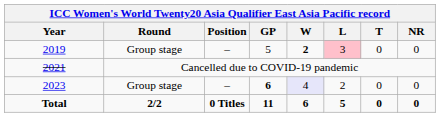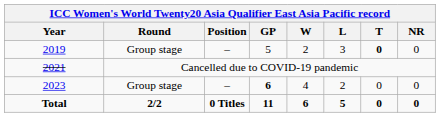 <table class="wikitable" style="text-align: center;">
 <tr>
 <th colspan=8><a href='#'>ICC Women's World Twenty20 Asia Qualifier East Asia Pacific record</a></th>
 </tr>
 <tr>
 <th width=150>Year</th>
 <th width=150>Round</th>
 <th width=50>Position</th>
 <th width=50>GP</th>
 <th width=50>W</th>
 <th width=50>L</th>
 <th width=50>T</th>
 <th width=50>NR</th>
 </tr>
 <tr>
 <td> <a href='#'>2019</a></td>
 <td>Group stage</td>
 <td>–</td>
 <td>5</td>
-<td><strong>2</strong></td>
-<td style="background: pink;">3</td>
-<td>0</td>
+<td>2</td>
+<td>3</td>
+<td><strong>0</strong></td>
 <td>0</td>
 </tr>
 <tr>
 <td> <s><a href='#'>2021</a></s></td>
 <td colspan=7  rowspan=1>Cancelled due to COVID-19 pandemic</td>
 </tr>
 <tr>
 <td> <a href='#'>2023</a></td>
 <td>Group stage</td>
 <td>–</td>
 <td><strong>6</strong></td>
-<td style="background: lavender;">4</td>
+<td>4</td>
 <td>2</td>
 <td>0</td>
 <td>0</td>
 </tr>
 <tr>
 <td><strong>Total</strong></td>
 <td><strong>2/2</strong></td>
 <td><strong>0 Titles</strong></td>
 <td><strong>11</strong></td>
 <td><strong>6</strong></td>
 <td><strong>5</strong></td>
 <td><strong>0</strong></td>
 <td><strong>0</strong></td>
 </tr>
 </table>
